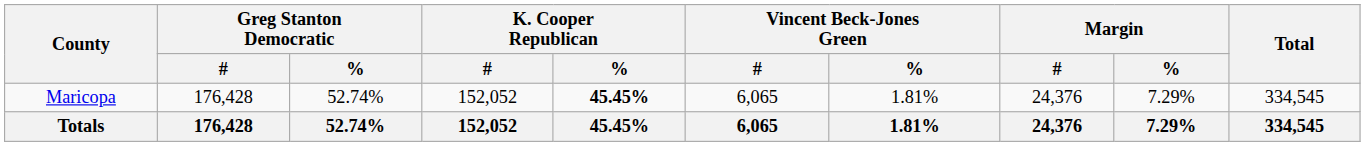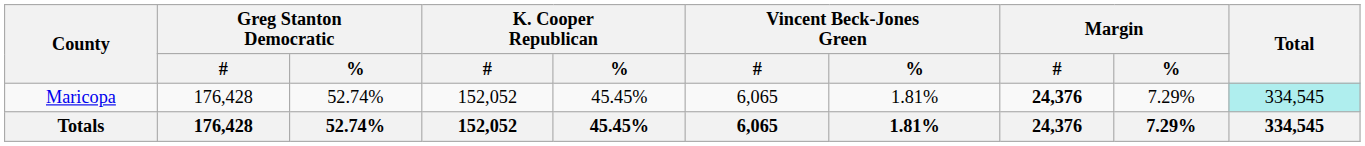 <table class="wikitable sortable" width="60%">
 <tr>
 <th rowspan="2">County</th>
 <th colspan="2">Greg Stanton<br>Democratic</th>
 <th colspan="2">K. Cooper<br> Republican</th>
 <th colspan="2">Vincent Beck-Jones<br>Green</th>
 <th colspan="2">Margin</th>
 <th rowspan="2">Total</th>
 </tr>
 <tr>
 <th data-sort-type="number" style="text-align:center;">#</th>
 <th data-sort-type="number" style="text-align:center;">%</th>
 <th data-sort-type="number" style="text-align:center;">#</th>
 <th data-sort-type="number" style="text-align:center;">%</th>
 <th data-sort-type="number" style="text-align:center;">#</th>
 <th data-sort-type="number" style="text-align:center;">%</th>
 <th data-sort-type="number" style="text-align:center;">#</th>
 <th data-sort-type="number" style="text-align:center;">%</th>
 </tr>
 <tr style="text-align:center;">
 <td><a href='#'>Maricopa</a></td>
 <td>176,428</td>
 <td>52.74%</td>
 <td>152,052</td>
-<td><strong>45.45%</strong></td>
+<td>45.45%</td>
 <td>6,065</td>
 <td>1.81%</td>
-<td>24,376</td>
+<td><strong>24,376</strong></td>
 <td>7.29%</td>
-<td>334,545</td>
+<td style="background: paleturquoise;">334,545</td>
 </tr>
 <tr>
 <th>Totals</th>
 <th>176,428</th>
 <th>52.74%</th>
 <th>152,052</th>
 <th>45.45%</th>
 <th>6,065</th>
 <th>1.81%</th>
 <th>24,376</th>
 <th>7.29%</th>
 <th>334,545</th>
 </tr>
 </table>
